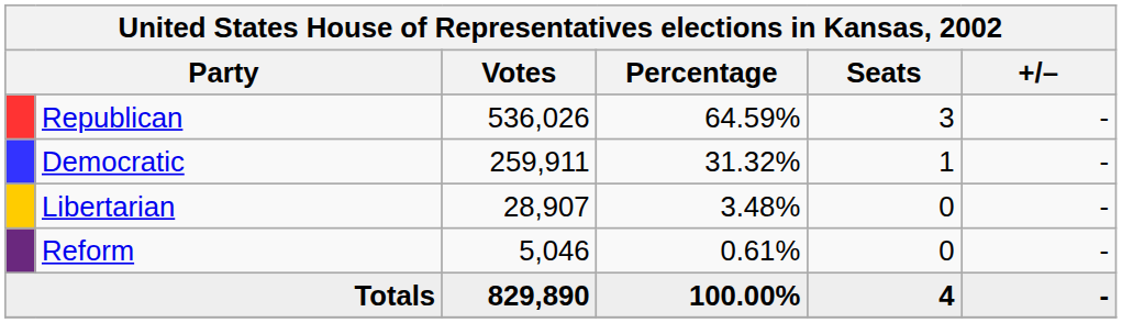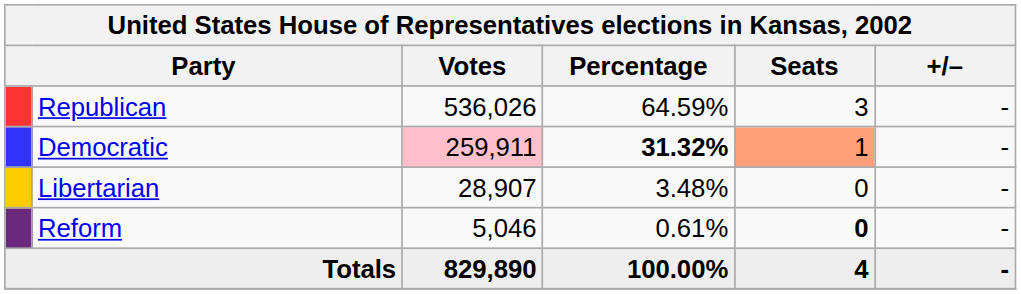 <table class="wikitable" style="font-size: 95%;">
 <tr>
 <th colspan="6">United States House of Representatives elections in Kansas, 2002</th>
 </tr>
 <tr>
 <th colspan=2 style="width: 15em">Party</th>
 <th style="width: 5em">Votes</th>
 <th style="width: 7em">Percentage</th>
 <th style="width: 5em">Seats</th>
 <th style="width: 5em">+/–</th>
 </tr>
 <tr>
 <th style="background-color:#FF3333; width: 3px"></th>
 <td style="width: 130px"><a href='#'>Republican</a></td>
 <td align="right">536,026</td>
 <td align="right">64.59%</td>
 <td align="right">3</td>
 <td align="right">-</td>
 </tr>
 <tr>
 <th style="background-color:#3333FF; width: 3px"></th>
 <td style="width: 130px"><a href='#'>Democratic</a></td>
-<td align="right">259,911</td>
-<td align="right">31.32%</td>
-<td align="right">1</td>
+<td align="right" style="background: pink;">259,911</td>
+<td align="right"><strong>31.32%</strong></td>
+<td align="right" style="background: lightsalmon;">1</td>
 <td align="right">-</td>
 </tr>
 <tr>
 <th style="background-color:#FFCC00; width: 3px"></th>
 <td style="width: 130px"><a href='#'>Libertarian</a></td>
 <td align="right">28,907</td>
 <td align="right">3.48%</td>
 <td align="right">0</td>
 <td align="right">-</td>
 </tr>
 <tr>
 <th style="background-color:#6A287E; width: 3px"></th>
 <td style="width: 130px"><a href='#'>Reform</a></td>
 <td align="right">5,046</td>
 <td align="right">0.61%</td>
-<td align="right">0</td>
+<td align="right"><strong>0</strong></td>
 <td align="right">-</td>
 </tr>
 <tr bgcolor="#EEEEEE">
 <td colspan="2" align="right"><strong>Totals</strong></td>
 <td align="right"><strong>829,890</strong></td>
 <td align="right"><strong>100.00%</strong></td>
 <td align="right"><strong>4</strong></td>
 <td align="right"><strong>-</strong></td>
 </tr>
 <tr bgcolor="#EEEEEE">
 </tr>
 </table>
